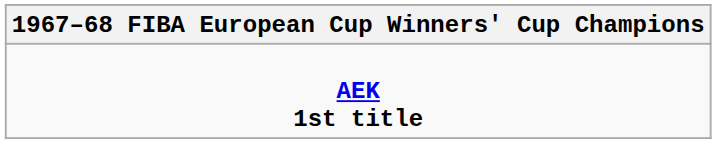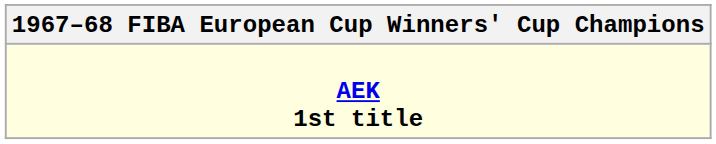 <table class=wikitable style="text-align:center; margin:auto">
 <tr>
 <th>1967–68 FIBA European Cup Winners' Cup Champions</th>
 </tr>
 <tr>
-<td><br> <strong><a href='#'>AEK</a></strong> <br> <strong>1st title</strong></td>
+<td style="background: lightyellow;"><br> <strong><a href='#'>AEK</a></strong> <br> <strong>1st title</strong></td>
 </tr>
 </table>
